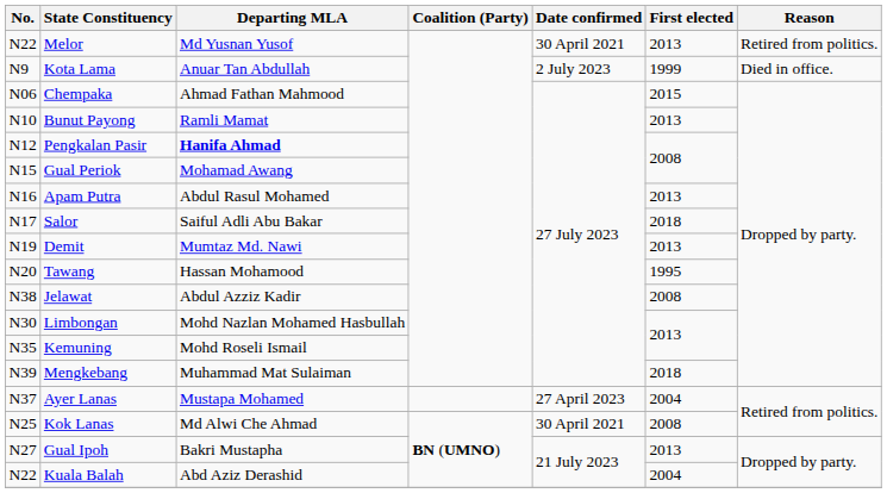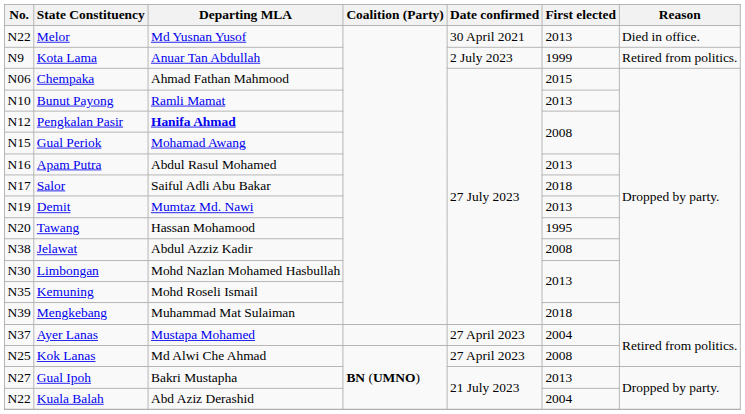 <table class="wikitable">
 <tr>
 <th>No.</th>
 <th>State Constituency</th>
 <th>Departing MLA</th>
 <th>Coalition (Party)</th>
 <th>Date confirmed</th>
 <th>First elected</th>
 <th>Reason</th>
 </tr>
 <tr>
 <td>N22</td>
 <td><a href='#'>Melor</a></td>
 <td><a href='#'>Md Yusnan Yusof</a></td>
 <td rowspan=14></td>
 <td>30 April 2021</td>
 <td>2013</td>
-<td>Retired from politics.</td>
+<td>Died in office.</td>
 </tr>
 <tr>
 <td>N9</td>
 <td><a href='#'>Kota Lama</a></td>
 <td><a href='#'>Anuar Tan Abdullah</a></td>
 <td>2 July 2023</td>
 <td>1999</td>
-<td>Died in office.</td>
+<td>Retired from politics.</td>
 </tr>
 <tr>
 <td>N06</td>
 <td><a href='#'>Chempaka</a></td>
 <td>Ahmad Fathan Mahmood</td>
 <td rowspan="12">27 July 2023</td>
 <td>2015</td>
 <td rowspan="12">Dropped by party.</td>
 </tr>
 <tr>
 <td>N10</td>
 <td><a href='#'>Bunut Payong</a></td>
 <td><a href='#'>Ramli Mamat</a></td>
 <td>2013</td>
 </tr>
 <tr>
 <td>N12</td>
 <td><a href='#'>Pengkalan Pasir</a></td>
 <td><strong><a href='#'>Hanifa Ahmad</a></strong></td>
 <td rowspan=2>2008</td>
 </tr>
 <tr>
 <td>N15</td>
 <td><a href='#'>Gual Periok</a></td>
 <td><a href='#'>Mohamad Awang</a></td>
 </tr>
 <tr>
 <td>N16</td>
 <td><a href='#'>Apam Putra</a></td>
 <td>Abdul Rasul Mohamed</td>
 <td>2013</td>
 </tr>
 <tr>
 <td>N17</td>
 <td><a href='#'>Salor</a></td>
 <td>Saiful Adli Abu Bakar</td>
 <td>2018</td>
 </tr>
 <tr>
 <td>N19</td>
 <td><a href='#'>Demit</a></td>
 <td><a href='#'>Mumtaz Md. Nawi</a></td>
 <td>2013</td>
 </tr>
 <tr>
 <td>N20</td>
 <td><a href='#'>Tawang</a></td>
 <td>Hassan Mohamood</td>
 <td>1995</td>
 </tr>
 <tr>
 <td>N38</td>
 <td><a href='#'>Jelawat</a></td>
 <td>Abdul Azziz Kadir</td>
 <td>2008</td>
 </tr>
 <tr>
 <td>N30</td>
 <td><a href='#'>Limbongan</a></td>
 <td>Mohd Nazlan Mohamed Hasbullah</td>
 <td rowspan=2>2013</td>
 </tr>
 <tr>
 <td>N35</td>
 <td><a href='#'>Kemuning</a></td>
 <td>Mohd Roseli Ismail</td>
 </tr>
 <tr>
 <td>N39</td>
 <td><a href='#'>Mengkebang</a></td>
 <td>Muhammad Mat Sulaiman</td>
 <td>2018</td>
 </tr>
 <tr>
 <td>N37</td>
 <td><a href='#'>Ayer Lanas</a></td>
 <td><a href='#'>Mustapa Mohamed</a></td>
 <td></td>
 <td>27 April 2023</td>
 <td>2004</td>
 <td rowspan="2">Retired from politics.</td>
 </tr>
 <tr>
 <td>N25</td>
 <td><a href='#'>Kok Lanas</a></td>
 <td>Md Alwi Che Ahmad</td>
 <td rowspan=3><strong>BN</strong> (<strong>UMNO</strong>)</td>
-<td>30 April 2021</td>
+<td>27 April 2023</td>
 <td>2008</td>
 </tr>
 <tr>
 <td>N27</td>
 <td><a href='#'>Gual Ipoh</a></td>
 <td>Bakri Mustapha</td>
 <td rowspan=2>21 July 2023</td>
 <td>2013</td>
 <td rowspan=2>Dropped by party.</td>
 </tr>
 <tr>
 <td>N22</td>
 <td><a href='#'>Kuala Balah</a></td>
 <td>Abd Aziz Derashid</td>
 <td>2004</td>
 </tr>
 <tr>
 </tr>
 </table>
